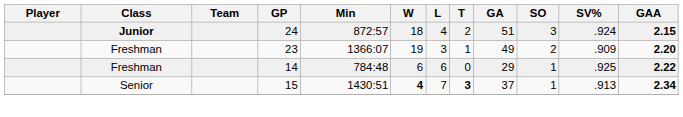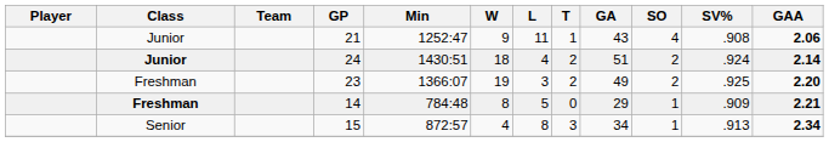 <table class="wikitable sortable" style="text-align: center; "width=60%">
 <tr>
 <th>Player</th>
 <th>Class</th>
 <th>Team</th>
 <th>GP</th>
 <th>Min</th>
 <th>W</th>
 <th>L</th>
 <th>T</th>
 <th>GA</th>
 <th>SO</th>
 <th>SV%</th>
 <th>GAA</th>
 </tr>
+<tr>
+<td style="text-align: left"></td>
+<td>Junior</td>
+<td><strong><a href='#'></a></strong></td>
+<td style="text-align: right">21</td>
+<td style="text-align: right">1252:47</td>
+<td style="text-align: right">9</td>
+<td style="text-align: right">11</td>
+<td style="text-align: right">1</td>
+<td style="text-align: right">43</td>
+<td style="text-align: right">4</td>
+<td style="text-align: right">.908</td>
+<td style="text-align: right"><strong>2.06</strong></td>
+</tr>
 <tr bgcolor=f0f0f0>
 <td style="text-align: left"></td>
 <td><strong>Junior</strong></td>
 <td><strong><a href='#'></a></strong></td>
 <td style="text-align: right">24</td>
-<td style="text-align: right">872:57</td>
+<td style="text-align: right">1430:51</td>
 <td style="text-align: right">18</td>
 <td style="text-align: right">4</td>
 <td style="text-align: right">2</td>
 <td style="text-align: right">51</td>
-<td style="text-align: right">3</td>
+<td style="text-align: right">2</td>
 <td style="text-align: right">.924</td>
-<td style="text-align: right"><strong>2.15</strong></td>
+<td style="text-align: right"><strong>2.14</strong></td>
 </tr>
 <tr>
 <td style="text-align: left"></td>
 <td>Freshman</td>
 <td><strong><a href='#'></a></strong></td>
 <td style="text-align: right">23</td>
 <td style="text-align: right">1366:07</td>
 <td style="text-align: right">19</td>
 <td style="text-align: right">3</td>
-<td style="text-align: right">1</td>
+<td style="text-align: right">2</td>
 <td style="text-align: right">49</td>
 <td style="text-align: right">2</td>
-<td style="text-align: right">.909</td>
+<td style="text-align: right">.925</td>
 <td style="text-align: right"><strong>2.20</strong></td>
 </tr>
 <tr bgcolor=f0f0f0>
 <td style="text-align: left"></td>
-<td>Freshman</td>
+<td><strong>Freshman</strong></td>
 <td><strong><a href='#'></a></strong></td>
 <td style="text-align: right">14</td>
 <td style="text-align: right">784:48</td>
-<td style="text-align: right">6</td>
-<td style="text-align: right">6</td>
+<td style="text-align: right">8</td>
+<td style="text-align: right">5</td>
 <td style="text-align: right">0</td>
 <td style="text-align: right">29</td>
 <td style="text-align: right">1</td>
-<td style="text-align: right">.925</td>
-<td style="text-align: right"><strong>2.22</strong></td>
+<td style="text-align: right">.909</td>
+<td style="text-align: right"><strong>2.21</strong></td>
 </tr>
 <tr>
 <td style="text-align: left"></td>
 <td>Senior</td>
 <td><strong><a href='#'></a></strong></td>
 <td style="text-align: right">15</td>
-<td style="text-align: right">1430:51</td>
-<td style="text-align: right"><strong>4</strong></td>
-<td style="text-align: right">7</td>
-<td style="text-align: right"><strong>3</strong></td>
-<td style="text-align: right">37</td>
+<td style="text-align: right">872:57</td>
+<td style="text-align: right">4</td>
+<td style="text-align: right">8</td>
+<td style="text-align: right">3</td>
+<td style="text-align: right">34</td>
 <td style="text-align: right">1</td>
 <td style="text-align: right">.913</td>
 <td style="text-align: right"><strong>2.34</strong></td>
 </tr>
 <tr>
 </tr>
 </table>
